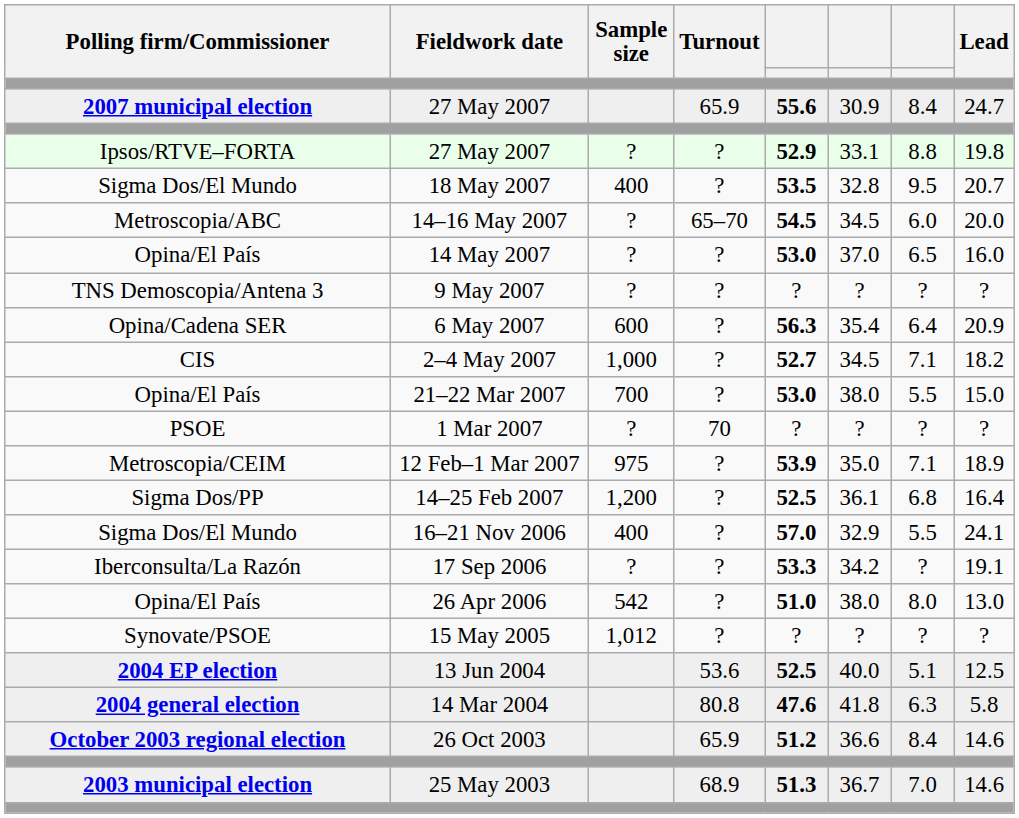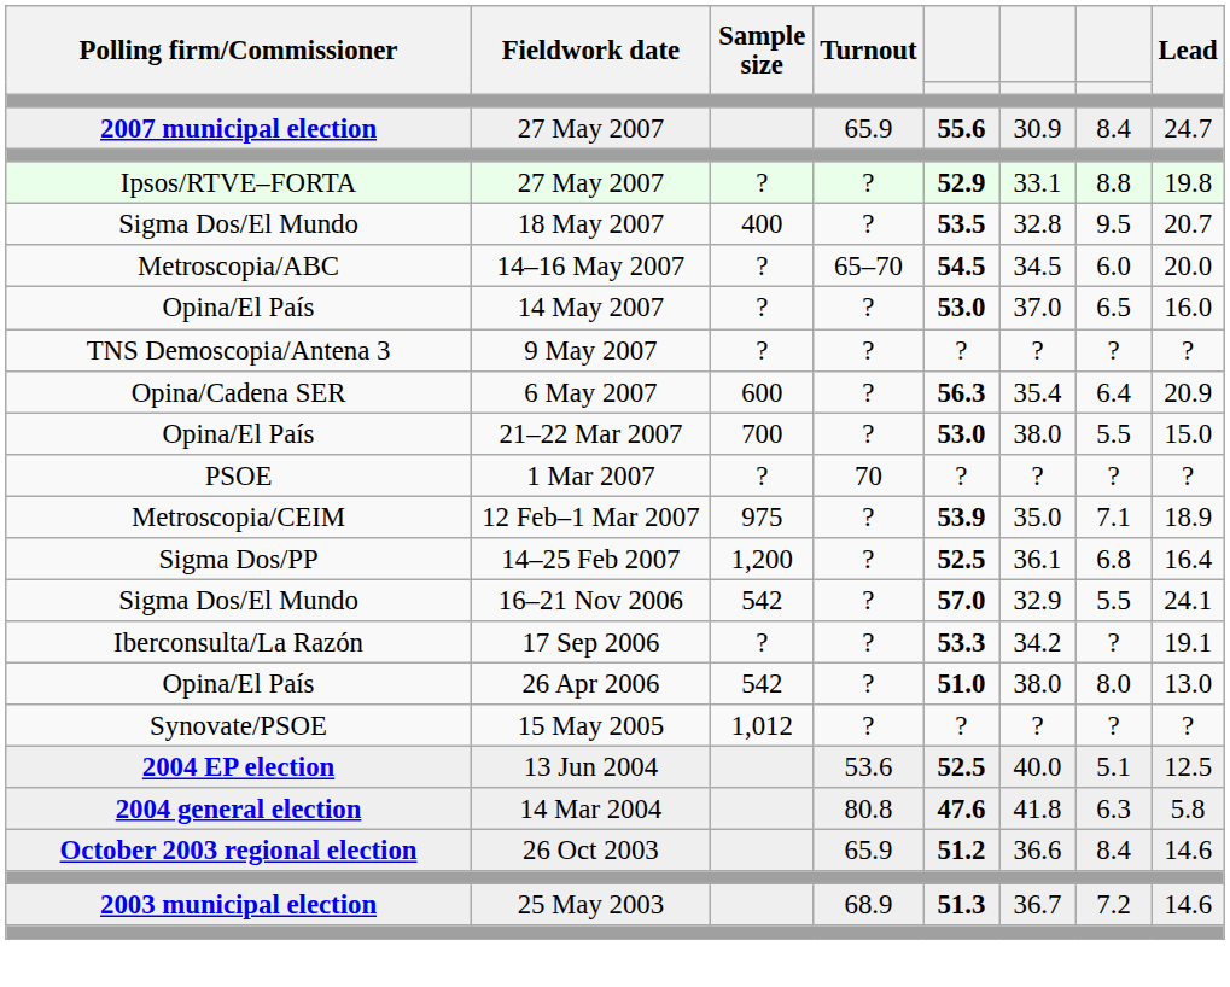 <table class="wikitable collapsible collapsed" style="text-align:center; font-size:95%; line-height:16px;">
 <tr style="height:42px;">
 <th style="width:250px;" rowspan="2">Polling firm/Commissioner</th>
 <th style="width:125px;" rowspan="2">Fieldwork date</th>
 <th style="width:50px;" rowspan="2">Sample size</th>
 <th style="width:45px;" rowspan="2">Turnout</th>
 <th style="width:35px;"></th>
 <th style="width:35px;"></th>
 <th style="width:35px;"></th>
 <th style="width:30px;" rowspan="2">Lead</th>
 </tr>
 <tr>
 <th style="color:inherit;background:"></th>
 <th style="color:inherit;background:"></th>
 <th style="color:inherit;background:"></th>
 </tr>
 <tr>
 <td colspan="8" style="background:#A0A0A0"></td>
 </tr>
 <tr style="background:#EFEFEF;">
 <td><strong><a href='#'>2007 municipal election</a></strong></td>
 <td>27 May 2007</td>
 <td></td>
 <td>65.9</td>
 <td><strong>55.6</strong><br></td>
 <td>30.9<br></td>
 <td>8.4<br></td>
 <td style="background:">24.7</td>
 </tr>
 <tr>
 <td colspan="8" style="background:#A0A0A0"></td>
 </tr>
 <tr style="background:#EAFFEA;">
 <td>Ipsos/RTVE–FORTA</td>
 <td>27 May 2007</td>
 <td>?</td>
 <td>?</td>
 <td><strong>52.9</strong><br></td>
 <td>33.1<br></td>
 <td>8.8<br></td>
 <td style="background:">19.8</td>
 </tr>
 <tr>
 <td>Sigma Dos/El Mundo</td>
 <td>18 May 2007</td>
 <td>400</td>
 <td>?</td>
 <td><strong>53.5</strong><br></td>
 <td>32.8<br></td>
 <td>9.5<br></td>
 <td style="background:">20.7</td>
 </tr>
 <tr>
 <td>Metroscopia/ABC</td>
 <td>14–16 May 2007</td>
 <td>?</td>
 <td>65–70</td>
 <td><strong>54.5</strong><br></td>
 <td>34.5<br></td>
 <td>6.0<br></td>
 <td style="background:">20.0</td>
 </tr>
 <tr>
 <td>Opina/El País</td>
 <td>14 May 2007</td>
 <td>?</td>
 <td>?</td>
 <td><strong>53.0</strong><br></td>
 <td>37.0<br></td>
 <td>6.5<br></td>
 <td style="background:">16.0</td>
 </tr>
 <tr>
 <td>TNS Demoscopia/Antena 3</td>
 <td>9 May 2007</td>
 <td>?</td>
 <td>?</td>
 <td>?<br></td>
 <td>?<br></td>
 <td>?<br></td>
 <td style="background:">?</td>
 </tr>
 <tr>
 <td>Opina/Cadena SER</td>
 <td>6 May 2007</td>
 <td>600</td>
 <td>?</td>
 <td><strong>56.3</strong><br></td>
 <td>35.4<br></td>
 <td>6.4<br></td>
 <td style="background:">20.9</td>
 </tr>
 <tr>
-<td>CIS</td>
-<td>2–4 May 2007</td>
-<td>1,000</td>
-<td>?</td>
-<td><strong>52.7</strong><br></td>
-<td>34.5<br></td>
-<td>7.1<br></td>
-<td style="background:">18.2</td>
-</tr>
-<tr>
 <td>Opina/El País</td>
 <td>21–22 Mar 2007</td>
 <td>700</td>
 <td>?</td>
 <td><strong>53.0</strong><br></td>
 <td>38.0<br></td>
 <td>5.5<br></td>
 <td style="background:">15.0</td>
 </tr>
 <tr>
 <td>PSOE</td>
 <td>1 Mar 2007</td>
 <td>?</td>
 <td>70</td>
 <td>?<br></td>
 <td>?<br></td>
 <td>?<br></td>
 <td style="background:">?</td>
 </tr>
 <tr>
 <td>Metroscopia/CEIM</td>
 <td>12 Feb–1 Mar 2007</td>
 <td>975</td>
 <td>?</td>
 <td><strong>53.9</strong><br></td>
 <td>35.0<br></td>
 <td>7.1<br></td>
 <td style="background:">18.9</td>
 </tr>
 <tr>
 <td>Sigma Dos/PP</td>
 <td>14–25 Feb 2007</td>
 <td>1,200</td>
 <td>?</td>
 <td><strong>52.5</strong><br></td>
 <td>36.1<br></td>
 <td>6.8<br></td>
 <td style="background:">16.4</td>
 </tr>
 <tr>
 <td>Sigma Dos/El Mundo</td>
 <td>16–21 Nov 2006</td>
-<td>400</td>
+<td>542</td>
 <td>?</td>
 <td><strong>57.0</strong><br></td>
 <td>32.9<br></td>
 <td>5.5<br></td>
 <td style="background:">24.1</td>
 </tr>
 <tr>
 <td>Iberconsulta/La Razón</td>
 <td>17 Sep 2006</td>
 <td>?</td>
 <td>?</td>
 <td><strong>53.3</strong><br></td>
 <td>34.2<br></td>
 <td>?<br></td>
 <td style="background:">19.1</td>
 </tr>
 <tr>
 <td>Opina/El País</td>
 <td>26 Apr 2006</td>
 <td>542</td>
 <td>?</td>
 <td><strong>51.0</strong><br></td>
 <td>38.0<br></td>
 <td>8.0<br></td>
 <td style="background:">13.0</td>
 </tr>
 <tr>
 <td>Synovate/PSOE</td>
 <td>15 May 2005</td>
 <td>1,012</td>
 <td>?</td>
 <td>?<br></td>
 <td>?<br></td>
 <td>?<br></td>
 <td style="background:">?</td>
 </tr>
 <tr style="background:#EFEFEF;">
 <td><strong><a href='#'>2004 EP election</a></strong></td>
 <td>13 Jun 2004</td>
 <td></td>
 <td>53.6</td>
 <td><strong>52.5</strong><br></td>
 <td>40.0<br></td>
 <td>5.1<br></td>
 <td style="background:">12.5</td>
 </tr>
 <tr style="background:#EFEFEF;">
 <td><strong><a href='#'>2004 general election</a></strong></td>
 <td>14 Mar 2004</td>
 <td></td>
 <td>80.8</td>
 <td><strong>47.6</strong><br></td>
 <td>41.8<br></td>
 <td>6.3<br></td>
 <td style="background:">5.8</td>
 </tr>
 <tr style="background:#EFEFEF;">
 <td><strong><a href='#'>October 2003 regional election</a></strong></td>
 <td>26 Oct 2003</td>
 <td></td>
 <td>65.9</td>
 <td><strong>51.2</strong><br></td>
 <td>36.6<br></td>
 <td>8.4<br></td>
 <td style="background:">14.6</td>
 </tr>
 <tr>
 <td colspan="8" style="background:#A0A0A0"></td>
 </tr>
 <tr style="background:#EFEFEF;">
 <td><strong><a href='#'>2003 municipal election</a></strong></td>
 <td>25 May 2003</td>
 <td></td>
 <td>68.9</td>
 <td><strong>51.3</strong><br></td>
 <td>36.7<br></td>
-<td>7.0<br></td>
+<td>7.2<br></td>
 <td style="background:">14.6</td>
 </tr>
 <tr>
 <td colspan="8" style="background:#A0A0A0"></td>
 </tr>
 </table>
